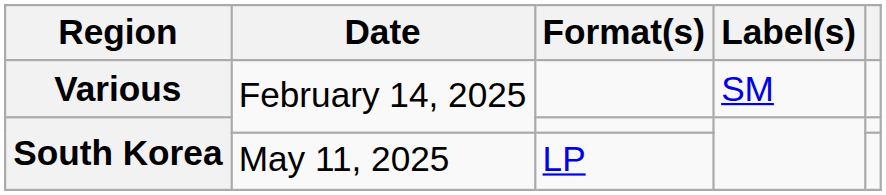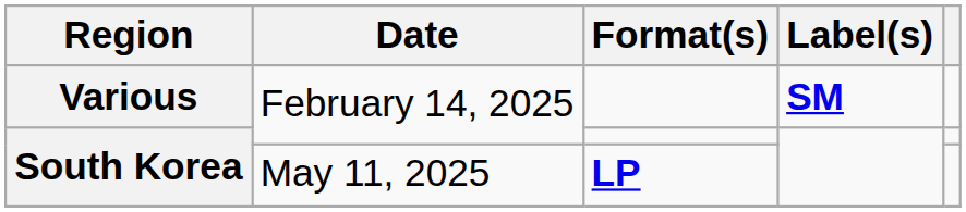 <table class="wikitable plainrowheaders">
 <tr>
 <th scope="col">Region</th>
 <th scope="col">Date</th>
 <th scope="col">Format(s)</th>
 <th scope="col">Label(s)</th>
 <th scope="col"></th>
 </tr>
 <tr>
 <th scope="row">Various</th>
 <td rowspan="2">February 14, 2025</td>
 <td></td>
-<td><a href='#'>SM</a></td>
+<td><strong><a href='#'>SM</a></strong></td>
 <td style="text-align:center"></td>
 </tr>
 <tr>
 <th rowspan="2" scope="row">South Korea</th>
 <td></td>
 <td rowspan="2"></td>
 <td style="text-align:center"></td>
 </tr>
 <tr>
 <td>May 11, 2025</td>
-<td><a href='#'>LP</a></td>
+<td><strong><a href='#'>LP</a></strong></td>
 <td style="text-align:center"></td>
 </tr>
 </table>
